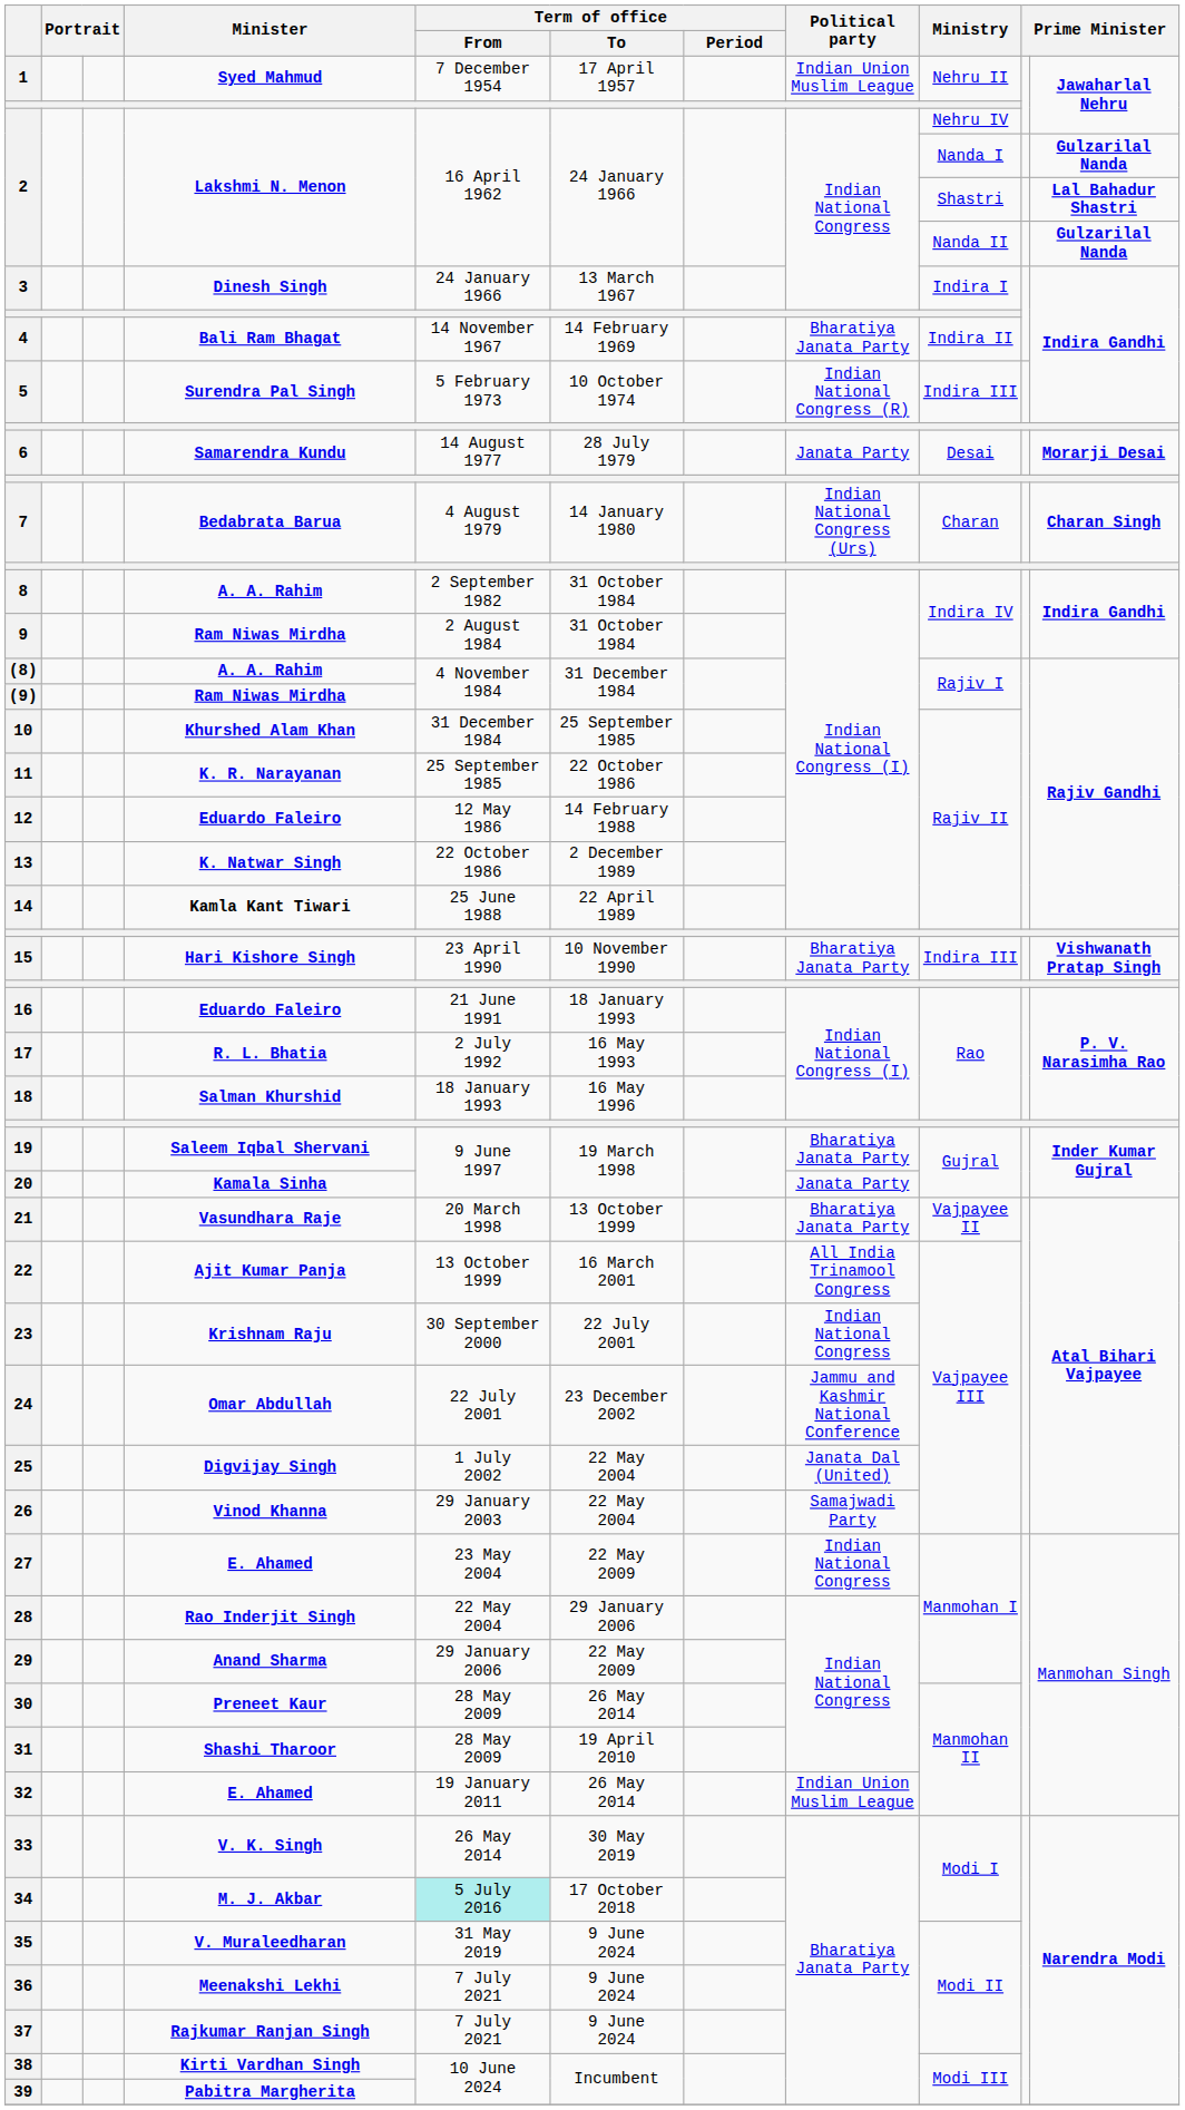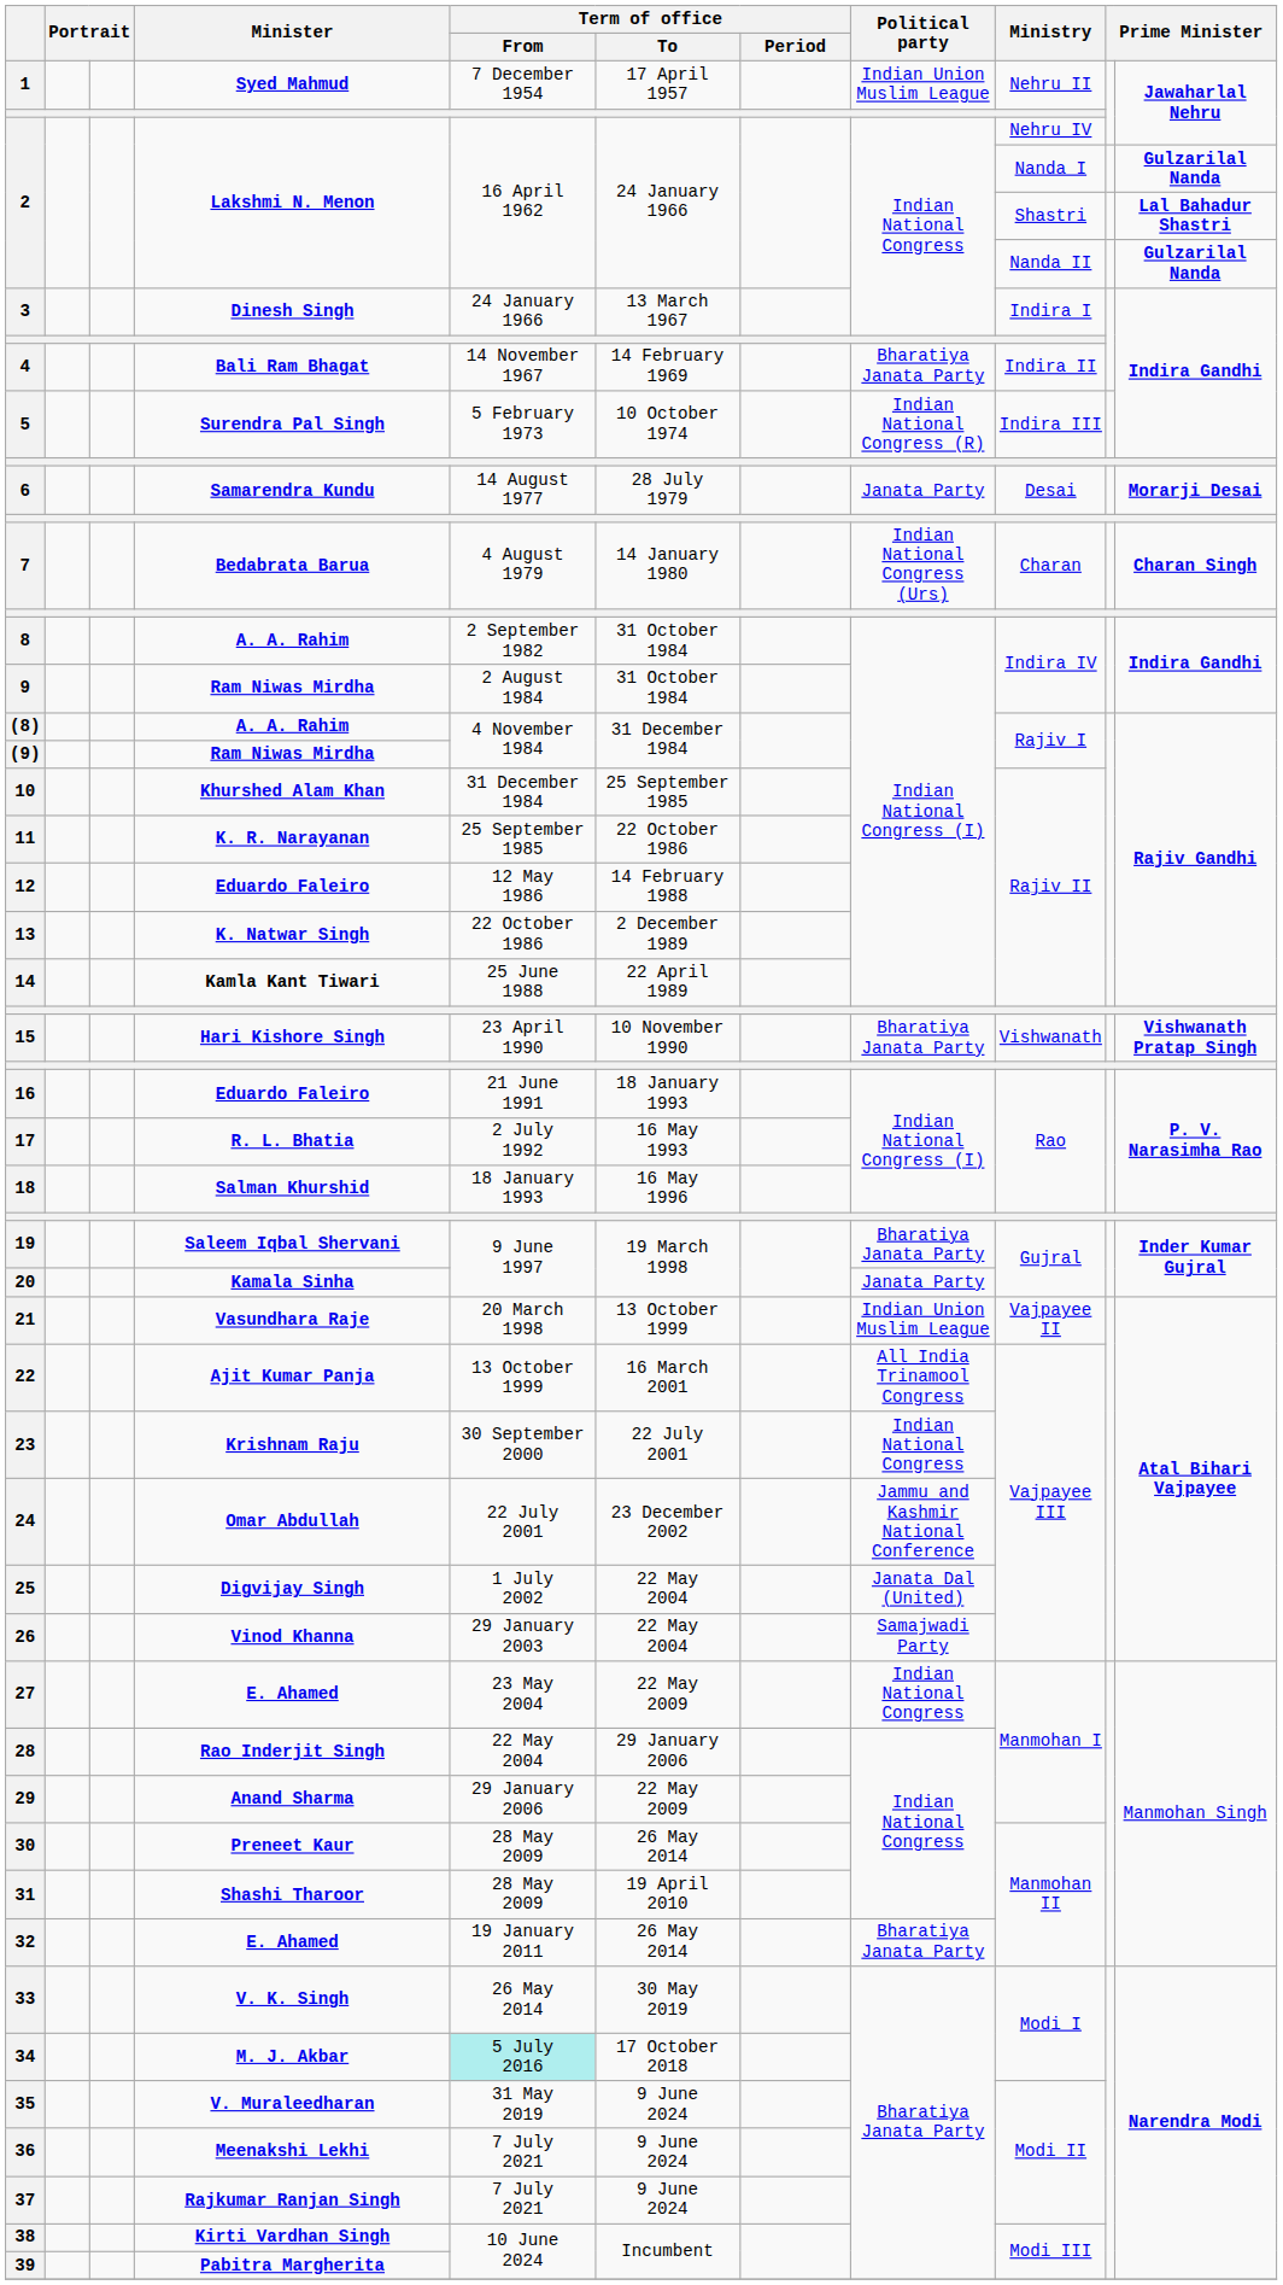 <table class="wikitable" style="text-align:center">
 <tr>
 <th rowspan="2"></th>
 <th rowspan="2" colspan="2">Portrait</th>
 <th rowspan="2" style="width:18em">Minister<br></th>
 <th colspan="3">Term of office</th>
 <th rowspan="2" style="width:8em">Political party</th>
 <th rowspan="2" style="width:6em">Ministry</th>
 <th rowspan="2" colspan="2">Prime Minister</th>
 </tr>
 <tr>
 <th style="width:8em">From</th>
 <th style="width:8em">To</th>
 <th style="width:6em">Period</th>
 </tr>
 <tr>
 <th>1</th>
 <td></td>
 <td></td>
 <td><strong><a href='#'>Syed Mahmud</a></strong><br></td>
 <td>7 December<br>1954</td>
 <td>17 April<br>1957</td>
 <td><strong></strong></td>
 <td><a href='#'>Indian Union Muslim League</a></td>
 <td><a href='#'>Nehru II</a></td>
 <td rowspan="3"></td>
 <td rowspan="3" style="width:9em"><strong><a href='#'>Jawaharlal Nehru</a></strong></td>
 </tr>
 <tr>
 <th colspan="9"></th>
 </tr>
 <tr>
 <th rowspan="4">2</th>
 <td rowspan="4"></td>
 <td rowspan="4"></td>
 <td rowspan="4"><strong><a href='#'>Lakshmi N. Menon</a></strong><br></td>
 <td rowspan="4">16 April<br>1962</td>
 <td rowspan="4">24 January<br>1966</td>
 <td rowspan="4"><strong></strong></td>
 <td rowspan="5"><a href='#'>Indian National Congress</a></td>
 <td><a href='#'>Nehru IV</a></td>
 </tr>
 <tr>
 <td><a href='#'>Nanda I</a></td>
 <td></td>
 <td><strong><a href='#'>Gulzarilal Nanda</a></strong></td>
 </tr>
 <tr>
 <td><a href='#'>Shastri</a></td>
 <td></td>
 <td><strong><a href='#'>Lal Bahadur Shastri</a></strong></td>
 </tr>
 <tr>
 <td><a href='#'>Nanda II</a></td>
 <td></td>
 <td><strong><a href='#'>Gulzarilal Nanda</a></strong></td>
 </tr>
 <tr>
 <th>3</th>
 <td></td>
 <td></td>
 <td><strong><a href='#'>Dinesh Singh</a></strong><br></td>
 <td>24 January<br>1966</td>
 <td>13 March<br>1967</td>
 <td><strong></strong></td>
 <td><a href='#'>Indira I</a></td>
 <td rowspan="3"></td>
 <td rowspan="4"><strong><a href='#'>Indira Gandhi</a></strong></td>
 </tr>
 <tr>
 <th colspan="9"></th>
 </tr>
 <tr>
 <th>4</th>
 <td></td>
 <td></td>
 <td><strong><a href='#'>Bali Ram Bhagat</a></strong><br></td>
 <td>14 November<br>1967</td>
 <td>14 February<br>1969</td>
 <td><strong></strong></td>
 <td><a href='#'>Bharatiya Janata Party</a></td>
 <td><a href='#'>Indira II</a></td>
 </tr>
 <tr>
 <th>5</th>
 <td></td>
 <td></td>
 <td><strong><a href='#'>Surendra Pal Singh</a></strong><br></td>
 <td>5 February<br>1973</td>
 <td>10 October<br>1974</td>
 <td><strong></strong></td>
 <td><a href='#'>Indian National Congress (R)</a></td>
 <td><a href='#'>Indira III</a></td>
 <td></td>
 </tr>
 <tr>
 <th colspan="11"></th>
 </tr>
 <tr>
 <th>6</th>
 <td></td>
 <td></td>
 <td><strong><a href='#'>Samarendra Kundu</a></strong><br></td>
 <td>14 August<br>1977</td>
 <td>28 July<br>1979</td>
 <td><strong></strong></td>
 <td><a href='#'>Janata Party</a></td>
 <td><a href='#'>Desai</a></td>
 <td></td>
 <td><strong><a href='#'>Morarji Desai</a></strong></td>
 </tr>
 <tr>
 <th colspan="11"></th>
 </tr>
 <tr>
 <th>7</th>
 <td></td>
 <td></td>
 <td><strong><a href='#'>Bedabrata Barua</a></strong><br></td>
 <td>4 August<br>1979</td>
 <td>14 January<br>1980</td>
 <td><strong></strong></td>
 <td><a href='#'>Indian National Congress (Urs)</a></td>
 <td><a href='#'>Charan</a></td>
 <td></td>
 <td><strong><a href='#'>Charan Singh</a></strong></td>
 </tr>
 <tr>
 <th colspan="11"></th>
 </tr>
 <tr>
 <th>8</th>
 <td></td>
 <td></td>
 <td><strong><a href='#'>A. A. Rahim</a></strong><br></td>
 <td>2 September<br>1982</td>
 <td>31 October<br>1984</td>
 <td><strong></strong></td>
 <td rowspan="9"><a href='#'>Indian National Congress (I)</a></td>
 <td rowspan="2"><a href='#'>Indira IV</a></td>
 <td rowspan="2"></td>
 <td rowspan="2"><strong><a href='#'>Indira Gandhi</a></strong></td>
 </tr>
 <tr>
 <th>9</th>
 <td></td>
 <td></td>
 <td><strong><a href='#'>Ram Niwas Mirdha</a></strong><br></td>
 <td>2 August<br>1984</td>
 <td>31 October<br>1984</td>
 <td><strong></strong></td>
 </tr>
 <tr>
 <th>(8)</th>
 <td></td>
 <td></td>
 <td><strong><a href='#'>A. A. Rahim</a></strong><br></td>
 <td rowspan="2">4 November<br>1984</td>
 <td rowspan="2">31 December<br>1984</td>
 <td rowspan="2"><strong></strong></td>
 <td rowspan="2"><a href='#'>Rajiv I</a></td>
 <td rowspan="7"></td>
 <td rowspan="7"><strong><a href='#'>Rajiv Gandhi</a></strong></td>
 </tr>
 <tr>
 <th>(9)</th>
 <td></td>
 <td></td>
 <td><strong><a href='#'>Ram Niwas Mirdha</a></strong><br></td>
 </tr>
 <tr>
 <th>10</th>
 <td></td>
 <td></td>
 <td><strong><a href='#'>Khurshed Alam Khan</a></strong><br></td>
 <td>31 December<br>1984</td>
 <td>25 September<br>1985</td>
 <td><strong></strong></td>
 <td rowspan="5"><a href='#'>Rajiv II</a></td>
 </tr>
 <tr>
 <th>11</th>
 <td></td>
 <td></td>
 <td><strong><a href='#'>K. R. Narayanan</a></strong><br></td>
 <td>25 September<br>1985</td>
 <td>22 October<br>1986</td>
 <td><strong></strong></td>
 </tr>
 <tr>
 <th>12</th>
 <td></td>
 <td></td>
 <td><strong><a href='#'>Eduardo Faleiro</a></strong><br></td>
 <td>12 May<br>1986</td>
 <td>14 February<br>1988</td>
 <td><strong></strong></td>
 </tr>
 <tr>
 <th>13</th>
 <td></td>
 <td></td>
 <td><strong><a href='#'>K. Natwar Singh</a></strong><br></td>
 <td>22 October<br>1986</td>
 <td>2 December<br>1989</td>
 <td><strong></strong></td>
 </tr>
 <tr>
 <th>14</th>
 <td></td>
 <td></td>
 <td><strong>Kamla Kant Tiwari</strong><br></td>
 <td>25 June<br>1988</td>
 <td>22 April<br>1989</td>
 <td><strong></strong></td>
 </tr>
 <tr>
 <th colspan="11"></th>
 </tr>
 <tr>
 <th>15</th>
 <td></td>
 <td></td>
 <td><strong><a href='#'>Hari Kishore Singh</a></strong><br></td>
 <td>23 April<br>1990</td>
 <td>10 November<br>1990</td>
 <td><strong></strong></td>
 <td><a href='#'>Bharatiya Janata Party</a></td>
-<td><a href='#'>Indira III</a></td>
+<td><a href='#'>Vishwanath</a></td>
 <td></td>
 <td><strong><a href='#'>Vishwanath Pratap Singh</a></strong></td>
 </tr>
 <tr>
 <th colspan="11"></th>
 </tr>
 <tr>
 <th>16</th>
 <td></td>
 <td></td>
 <td><strong><a href='#'>Eduardo Faleiro</a></strong><br></td>
 <td>21 June<br>1991</td>
 <td>18 January<br>1993</td>
 <td><strong></strong></td>
 <td rowspan="3"><a href='#'>Indian National Congress (I)</a></td>
 <td rowspan="3"><a href='#'>Rao</a></td>
 <td rowspan="3"></td>
 <td rowspan="3"><strong><a href='#'>P. V. Narasimha Rao</a></strong></td>
 </tr>
 <tr>
 <th>17</th>
 <td></td>
 <td></td>
 <td><strong><a href='#'>R. L. Bhatia</a></strong><br></td>
 <td>2 July<br>1992</td>
 <td>16 May<br>1993</td>
 <td><strong></strong></td>
 </tr>
 <tr>
 <th>18</th>
 <td></td>
 <td></td>
 <td><strong><a href='#'>Salman Khurshid</a></strong><br></td>
 <td>18 January<br>1993</td>
 <td>16 May<br>1996</td>
 <td><strong></strong></td>
 </tr>
 <tr>
 <th colspan="11"></th>
 </tr>
 <tr>
 <th>19</th>
 <td></td>
 <td></td>
 <td><strong><a href='#'>Saleem Iqbal Shervani</a></strong><br></td>
 <td rowspan="2">9 June<br>1997</td>
 <td rowspan="2">19 March<br>1998</td>
 <td rowspan="2"><strong></strong></td>
 <td><a href='#'>Bharatiya Janata Party</a></td>
 <td rowspan="2"><a href='#'>Gujral</a></td>
 <td rowspan="2"></td>
 <td rowspan="2"><strong><a href='#'>Inder Kumar Gujral</a></strong></td>
 </tr>
 <tr>
 <th>20</th>
 <td></td>
 <td></td>
 <td><strong><a href='#'>Kamala Sinha</a></strong><br></td>
 <td><a href='#'>Janata Party</a></td>
 </tr>
 <tr>
 <th>21</th>
 <td></td>
 <td></td>
 <td><strong><a href='#'>Vasundhara Raje</a></strong><br></td>
 <td>20 March<br>1998</td>
 <td>13 October<br>1999</td>
 <td><strong></strong></td>
-<td><a href='#'>Bharatiya Janata Party</a></td>
+<td><a href='#'>Indian Union Muslim League</a></td>
 <td><a href='#'>Vajpayee II</a></td>
 <td rowspan="6"></td>
 <td rowspan="6"><strong><a href='#'>Atal Bihari Vajpayee</a></strong></td>
 </tr>
 <tr>
 <th>22</th>
 <td></td>
 <td></td>
 <td><strong><a href='#'>Ajit Kumar Panja</a></strong><br></td>
 <td>13 October<br>1999</td>
 <td>16 March<br>2001</td>
 <td><strong></strong></td>
 <td><a href='#'>All India Trinamool Congress</a></td>
 <td rowspan="5"><a href='#'>Vajpayee III</a></td>
 </tr>
 <tr>
 <th>23</th>
 <td></td>
 <td></td>
 <td><strong><a href='#'>Krishnam Raju</a></strong><br></td>
 <td>30 September<br>2000</td>
 <td>22 July<br>2001</td>
 <td><strong></strong></td>
 <td><a href='#'>Indian National Congress</a></td>
 </tr>
 <tr>
 <th>24</th>
 <td></td>
 <td></td>
 <td><strong><a href='#'>Omar Abdullah</a></strong><br></td>
 <td>22 July<br>2001</td>
 <td>23 December<br>2002</td>
 <td><strong></strong></td>
 <td><a href='#'>Jammu and Kashmir National Conference</a></td>
 </tr>
 <tr>
 <th>25</th>
 <td></td>
 <td></td>
 <td><strong><a href='#'>Digvijay Singh</a></strong><br></td>
 <td>1 July<br>2002</td>
 <td>22 May<br>2004</td>
 <td><strong></strong></td>
 <td><a href='#'>Janata Dal (United)</a></td>
 </tr>
 <tr>
 <th>26</th>
 <td></td>
 <td></td>
 <td><strong><a href='#'>Vinod Khanna</a></strong><br></td>
 <td>29 January<br>2003</td>
 <td>22 May<br>2004</td>
 <td><strong></strong></td>
 <td><a href='#'>Samajwadi Party</a></td>
 </tr>
 <tr>
 <th>27</th>
 <td></td>
 <td></td>
 <td><strong><a href='#'>E. Ahamed</a></strong><br></td>
 <td>23 May<br>2004</td>
 <td>22 May<br>2009</td>
 <td><strong></strong></td>
 <td><a href='#'>Indian National Congress</a></td>
 <td rowspan="3"><a href='#'>Manmohan I</a></td>
 <td rowspan="6"></td>
 <td rowspan="6"><a href='#'>Manmohan Singh</a></td>
 </tr>
 <tr>
 <th>28</th>
 <td></td>
 <td></td>
 <td><strong><a href='#'>Rao Inderjit Singh</a></strong><br></td>
 <td>22 May<br>2004</td>
 <td>29 January<br>2006</td>
 <td><strong></strong></td>
 <td rowspan="4"><a href='#'>Indian National Congress</a></td>
 </tr>
 <tr>
 <th>29</th>
 <td></td>
 <td></td>
 <td><strong><a href='#'>Anand Sharma</a></strong><br></td>
 <td>29 January<br>2006</td>
 <td>22 May<br>2009</td>
 <td><strong></strong></td>
 </tr>
 <tr>
 <th>30</th>
 <td></td>
 <td></td>
 <td><strong><a href='#'>Preneet Kaur</a></strong><br></td>
 <td>28 May<br>2009</td>
 <td>26 May<br>2014</td>
 <td><strong></strong></td>
 <td rowspan="3"><a href='#'>Manmohan II</a></td>
 </tr>
 <tr>
 <th>31</th>
 <td></td>
 <td></td>
 <td><strong><a href='#'>Shashi Tharoor</a></strong><br></td>
 <td>28 May<br>2009</td>
 <td>19 April<br>2010</td>
 <td><strong></strong></td>
 </tr>
 <tr>
 <th>32</th>
 <td></td>
 <td></td>
 <td><strong><a href='#'>E. Ahamed</a></strong><br></td>
 <td>19 January<br>2011</td>
 <td>26 May<br>2014</td>
 <td><strong></strong></td>
-<td><a href='#'>Indian Union Muslim League</a></td>
+<td><a href='#'>Bharatiya Janata Party</a></td>
 </tr>
 <tr>
 <th>33</th>
 <td></td>
 <td></td>
 <td><br><strong><a href='#'>V. K. Singh</a></strong> <br><br></td>
 <td>26 May<br>2014</td>
 <td>30 May<br>2019</td>
 <td><strong></strong></td>
 <td rowspan="7"><a href='#'>Bharatiya Janata Party</a></td>
 <td rowspan="2"><a href='#'>Modi I</a></td>
 <td rowspan="7"></td>
 <td rowspan="7"><strong><a href='#'>Narendra Modi</a></strong></td>
 </tr>
 <tr>
 <th>34</th>
 <td></td>
 <td></td>
 <td><strong><a href='#'>M. J. Akbar</a></strong><br></td>
 <td style="background: paleturquoise;">5 July<br>2016</td>
 <td>17 October<br>2018</td>
 <td><strong></strong></td>
 </tr>
 <tr>
 <th>35</th>
 <td></td>
 <td></td>
 <td><strong><a href='#'>V. Muraleedharan</a></strong><br></td>
 <td>31 May<br>2019</td>
 <td>9 June<br>2024</td>
 <td><strong></strong></td>
 <td rowspan="3"><a href='#'>Modi II</a></td>
 </tr>
 <tr>
 <th>36</th>
 <td></td>
 <td></td>
 <td><strong><a href='#'>Meenakshi Lekhi</a></strong><br></td>
 <td>7 July<br>2021</td>
 <td>9 June<br>2024</td>
 <td><strong></strong></td>
 </tr>
 <tr>
 <th>37</th>
 <td></td>
 <td></td>
 <td><strong><a href='#'>Rajkumar Ranjan Singh</a></strong><br></td>
 <td>7 July<br>2021</td>
 <td>9 June<br>2024</td>
 <td><strong></strong></td>
 </tr>
 <tr>
 <th>38</th>
 <td></td>
 <td></td>
 <td><strong><a href='#'>Kirti Vardhan Singh</a></strong><br></td>
 <td rowspan="2">10 June<br>2024</td>
 <td rowspan="2">Incumbent</td>
 <td rowspan="2"><strong></strong></td>
 <td rowspan="2"><a href='#'>Modi III</a></td>
 </tr>
 <tr>
 <th>39</th>
 <td></td>
 <td></td>
 <td><strong><a href='#'>Pabitra Margherita</a></strong><br></td>
 </tr>
 <tr>
 </tr>
 </table>
